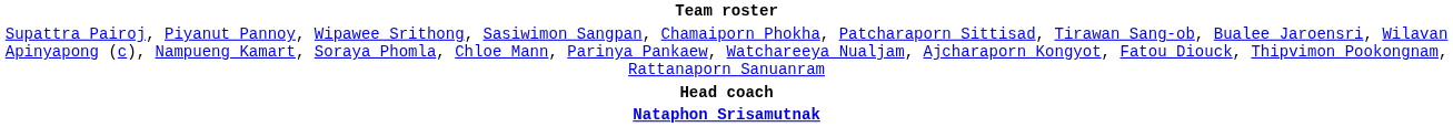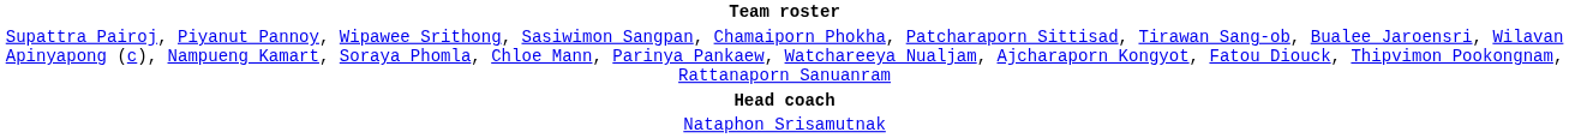 <table style="text-align: center; margin-top: 2em; margin-left: auto; margin-right: auto">
 <tr>
 <td><strong>Team roster</strong></td>
 </tr>
 <tr>
 <td><a href='#'>Supattra Pairoj</a>, <a href='#'>Piyanut Pannoy</a>,  <a href='#'>Wipawee Srithong</a>, <a href='#'>Sasiwimon Sangpan</a>, <a href='#'>Chamaiporn Phokha</a>, <a href='#'>Patcharaporn Sittisad</a>, <a href='#'>Tirawan Sang-ob</a>, <a href='#'>Bualee Jaroensri</a>, <a href='#'>Wilavan Apinyapong</a> (<a href='#'>c</a>), <a href='#'>Nampueng Kamart</a>, <a href='#'>Soraya Phomla</a>, <a href='#'>Chloe Mann</a>, <a href='#'>Parinya Pankaew</a>, <a href='#'>Watchareeya Nualjam</a>, <a href='#'>Ajcharaporn Kongyot</a>, <a href='#'>Fatou Diouck</a>, <a href='#'>Thipvimon Pookongnam</a>, <a href='#'>Rattanaporn Sanuanram</a></td>
 </tr>
 <tr>
 <td><strong>Head coach</strong></td>
 </tr>
 <tr>
-<td><strong><a href='#'>Nataphon Srisamutnak</a></strong></td>
+<td><a href='#'>Nataphon Srisamutnak</a></td>
 </tr>
 </table>
